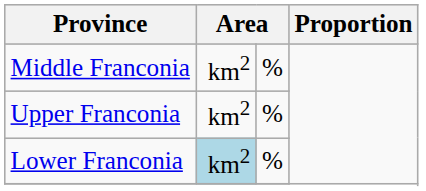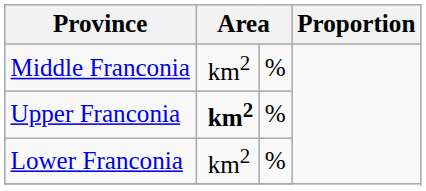 <table class="wikitable sortable">
 <tr>
 <th>Province</th>
 <th colspan=2>Area</th>
 <th colspan=2>Proportion</th>
 </tr>
 <tr>
 <td><a href='#'>Middle Franconia</a></td>
 <td> km<sup>2</sup></td>
 <td>%</td>
 </tr>
 <tr>
 <td><a href='#'>Upper Franconia</a></td>
-<td> km<sup>2</sup></td>
+<td><strong> km<sup>2</sup></strong></td>
 <td>%</td>
 </tr>
 <tr>
 <td><a href='#'>Lower Franconia</a></td>
-<td style="background: lightblue;"> km<sup>2</sup></td>
+<td> km<sup>2</sup></td>
 <td>%</td>
 </tr>
 <tr>
 </tr>
 </table>
